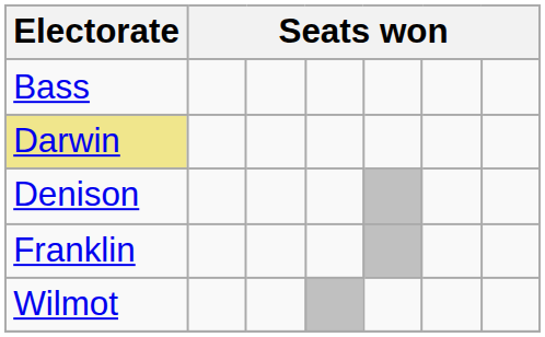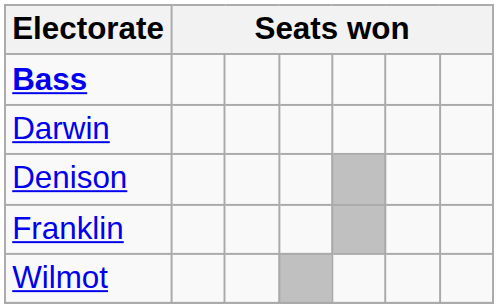 <table class="wikitable">
 <tr>
 <th>Electorate</th>
 <th colspan=7>Seats won</th>
 </tr>
 <tr>
-<td><a href='#'>Bass</a></td>
+<td><strong><a href='#'>Bass</a></strong></td>
 <td width=20 > </td>
 <td width=20 > </td>
 <td width=20 > </td>
 <td width=20 > </td>
 <td width=20 > </td>
 <td width=20 > </td>
 </tr>
 <tr>
-<td style="background: khaki;"><a href='#'>Darwin</a></td>
+<td><a href='#'>Darwin</a></td>
 <td> </td>
 <td> </td>
 <td> </td>
 <td> </td>
 <td> </td>
 <td> </td>
 </tr>
 <tr>
 <td><a href='#'>Denison</a></td>
 <td> </td>
 <td> </td>
 <td> </td>
 <td bgcolor="#C0C0C0"> </td>
 <td> </td>
 <td> </td>
 </tr>
 <tr>
 <td><a href='#'>Franklin</a></td>
 <td> </td>
 <td> </td>
 <td> </td>
 <td bgcolor="#C0C0C0"> </td>
 <td> </td>
 <td> </td>
 </tr>
 <tr>
 <td><a href='#'>Wilmot</a></td>
 <td> </td>
 <td> </td>
 <td bgcolor="#C0C0C0"> </td>
 <td> </td>
 <td> </td>
 <td> </td>
 </tr>
 <tr>
 </tr>
 </table>
